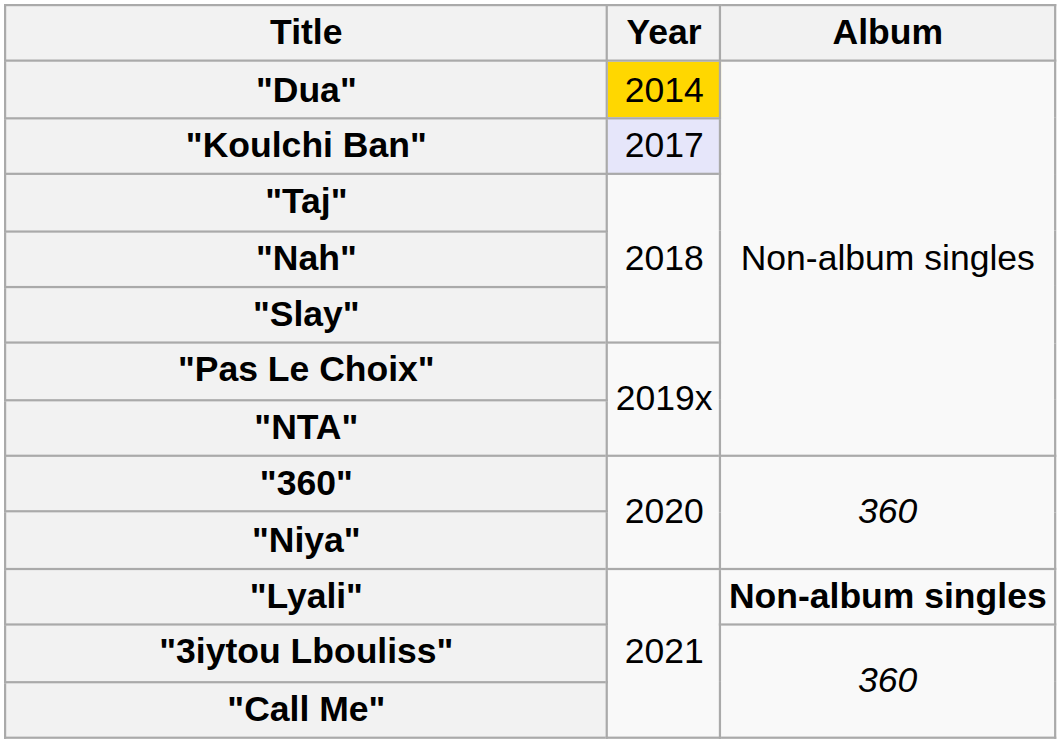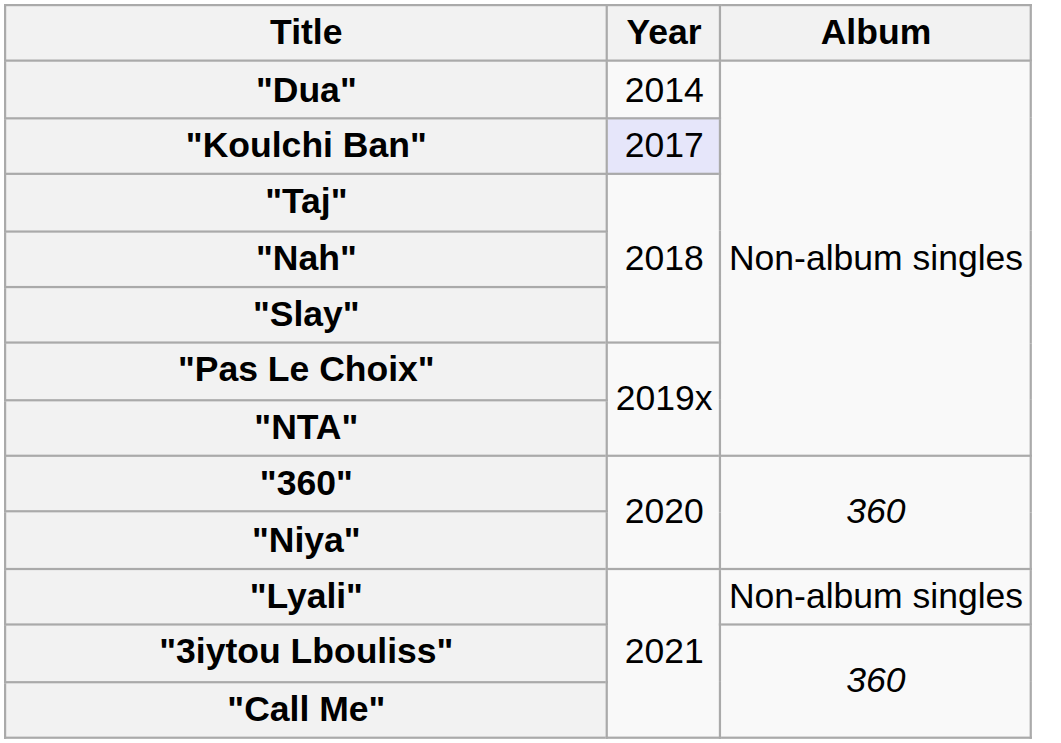 <table class="wikitable plainrowheaders" style="text-align:center;">
 <tr>
 <th scope="col" style="width:16.5em;">Title</th>
 <th scope="col">Year</th>
 <th scope="col">Album</th>
 </tr>
 <tr>
 <th scope="row">"Dua"</th>
-<td style="background: gold;">2014</td>
+<td>2014</td>
 <td rowspan="7">Non-album singles</td>
 </tr>
 <tr>
 <th scope="row">"Koulchi Ban"</th>
 <td style="background: lavender;">2017</td>
 </tr>
 <tr>
 <th scope="row">"Taj"</th>
 <td rowspan="3">2018</td>
 </tr>
 <tr>
 <th scope="row">"Nah"<br></th>
 </tr>
 <tr>
 <th scope="row">"Slay"<br></th>
 </tr>
 <tr>
 <th scope="row">"Pas Le Choix"</th>
 <td rowspan="2">2019x</td>
 </tr>
 <tr>
 <th scope="row">"NTA"</th>
 </tr>
 <tr>
 <th scope="row">"360"</th>
 <td rowspan="2">2020</td>
 <td rowspan="2"><em>360</em></td>
 </tr>
 <tr>
 <th scope="row">"Niya"</th>
 </tr>
 <tr>
 <th scope="row">"Lyali"</th>
 <td rowspan="3">2021</td>
-<td><strong>Non-album singles</strong></td>
+<td>Non-album singles</td>
 </tr>
 <tr>
 <th scope="row">"3iytou Lbouliss"</th>
 <td rowspan="2"><em>360</em></td>
 </tr>
 <tr>
 <th scope="row">"Call Me"</th>
 </tr>
 </table>
